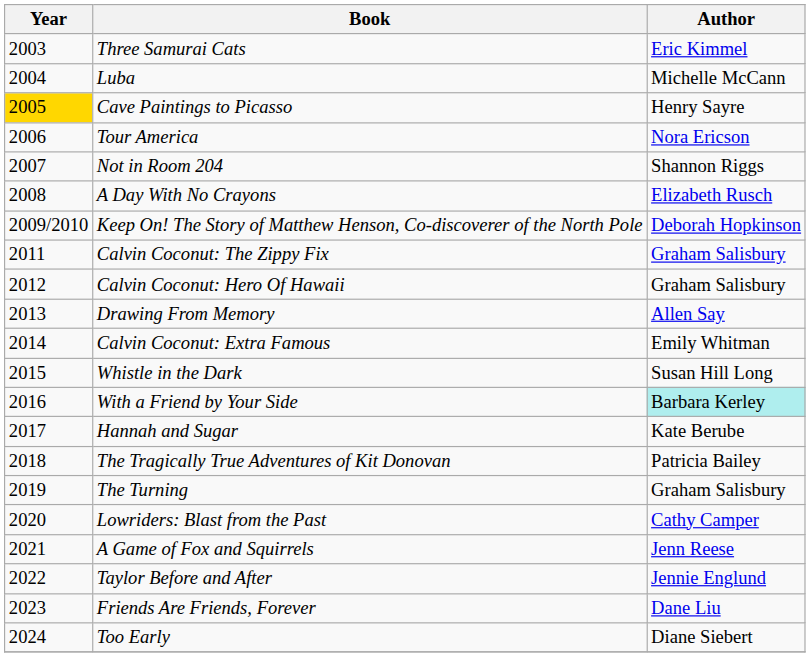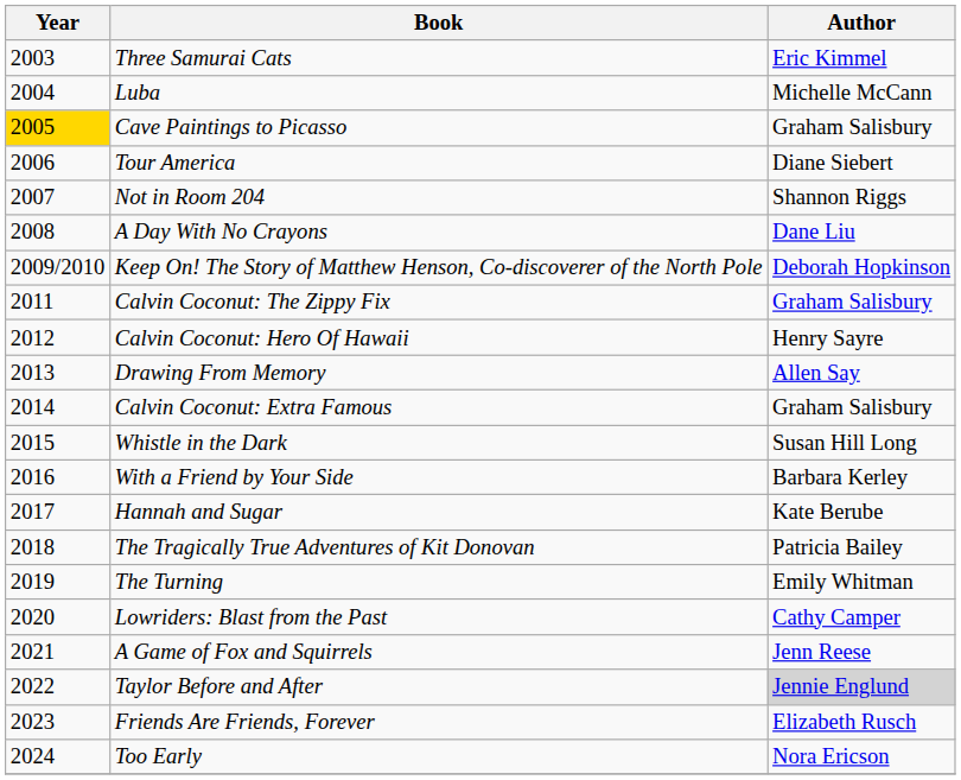 <table class="wikitable sortable">
 <tr>
 <th>Year</th>
 <th>Book</th>
 <th>Author</th>
 </tr>
 <tr>
 <td>2003</td>
 <td><em>Three Samurai Cats</em></td>
 <td><a href='#'>Eric Kimmel</a></td>
 </tr>
 <tr>
 <td>2004</td>
 <td><em>Luba</em></td>
 <td>Michelle McCann</td>
 </tr>
 <tr>
 <td style="background: gold;">2005</td>
 <td><em>Cave Paintings to Picasso</em></td>
-<td>Henry Sayre</td>
+<td>Graham Salisbury</td>
 </tr>
 <tr>
 <td>2006</td>
 <td><em>Tour America</em></td>
-<td><a href='#'>Nora Ericson</a></td>
+<td>Diane Siebert</td>
 </tr>
 <tr>
 <td>2007</td>
 <td><em>Not in Room 204</em></td>
 <td>Shannon Riggs</td>
 </tr>
 <tr>
 <td>2008</td>
 <td><em>A Day With No Crayons</em></td>
-<td><a href='#'>Elizabeth Rusch</a></td>
+<td><a href='#'>Dane Liu</a></td>
 </tr>
 <tr>
 <td>2009/2010</td>
 <td><em>Keep On! The Story of Matthew Henson, Co-discoverer of the North Pole</em></td>
 <td><a href='#'>Deborah Hopkinson</a></td>
 </tr>
 <tr>
 <td>2011</td>
 <td><em>Calvin Coconut: The Zippy Fix</em></td>
 <td><a href='#'>Graham Salisbury</a></td>
 </tr>
 <tr>
 <td>2012</td>
 <td><em>Calvin Coconut: Hero Of Hawaii</em></td>
-<td>Graham Salisbury</td>
+<td>Henry Sayre</td>
 </tr>
 <tr>
 <td>2013</td>
 <td><em>Drawing From Memory</em></td>
 <td><a href='#'>Allen Say</a></td>
 </tr>
 <tr>
 <td>2014</td>
 <td><em>Calvin Coconut: Extra Famous</em></td>
-<td>Emily Whitman</td>
+<td>Graham Salisbury</td>
 </tr>
 <tr>
 <td>2015</td>
 <td><em>Whistle in the Dark</em></td>
 <td>Susan Hill Long</td>
 </tr>
 <tr>
 <td>2016</td>
 <td><em>With a Friend by Your Side</em></td>
-<td style="background: paleturquoise;">Barbara Kerley</td>
+<td>Barbara Kerley</td>
 </tr>
 <tr>
 <td>2017</td>
 <td><em>Hannah and Sugar</em></td>
 <td>Kate Berube</td>
 </tr>
 <tr>
 <td>2018</td>
 <td><em>The Tragically True Adventures of Kit Donovan</em></td>
 <td>Patricia Bailey</td>
 </tr>
 <tr>
 <td>2019</td>
 <td><em>The Turning</em></td>
-<td>Graham Salisbury</td>
+<td>Emily Whitman</td>
 </tr>
 <tr>
 <td>2020</td>
 <td><em>Lowriders: Blast from the Past</em></td>
 <td><a href='#'>Cathy Camper</a></td>
 </tr>
 <tr>
 <td>2021</td>
 <td><em>A Game of Fox and Squirrels</em></td>
 <td><a href='#'>Jenn Reese</a></td>
 </tr>
 <tr>
 <td>2022</td>
 <td><em>Taylor Before and After</em></td>
-<td><a href='#'>Jennie Englund</a></td>
+<td style="background: lightgrey;"><a href='#'>Jennie Englund</a></td>
 </tr>
 <tr>
 <td>2023</td>
 <td><em>Friends Are Friends, Forever</em></td>
-<td><a href='#'>Dane Liu</a></td>
+<td><a href='#'>Elizabeth Rusch</a></td>
 </tr>
 <tr>
 <td>2024</td>
 <td><em>Too Early</em></td>
-<td>Diane Siebert</td>
+<td><a href='#'>Nora Ericson</a></td>
 </tr>
 <tr>
 </tr>
 </table>
